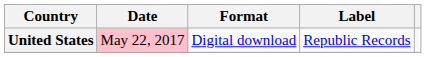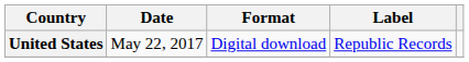 <table class="wikitable sortable plainrowheaders">
 <tr>
 <th scope="col">Country</th>
 <th scope="col">Date</th>
 <th scope="col">Format</th>
 <th scope="col">Label</th>
 <th scope="col"></th>
 </tr>
 <tr>
 <th scope="row">United States</th>
-<td style="background: pink;">May 22, 2017</td>
+<td>May 22, 2017</td>
 <td><a href='#'>Digital download</a></td>
 <td><a href='#'>Republic Records</a></td>
 <td></td>
 </tr>
 <tr>
 </tr>
 </table>
